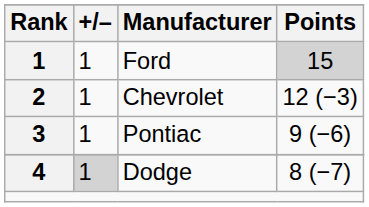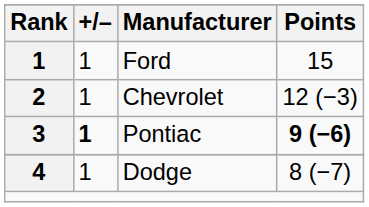 <table class="wikitable">
 <tr>
 </tr>
 <tr>
 <th scope="col">Rank</th>
 <th scope="col">+/–</th>
 <th scope="col">Manufacturer</th>
 <th scope="col">Points</th>
 </tr>
 <tr>
 <th scope="row">1</th>
 <td align="left"> 1</td>
 <td>Ford</td>
-<td style="background: lightgrey; text-align:center;">15</td>
+<td style="text-align:center;">15</td>
 </tr>
 <tr>
 <th scope="row">2</th>
 <td align="left"> 1</td>
 <td>Chevrolet</td>
 <td style="text-align:center;">12 (−3)</td>
 </tr>
 <tr>
 <th scope="row">3</th>
-<td align="left"> 1</td>
+<td align="left"><strong> 1</strong></td>
 <td>Pontiac</td>
-<td style="text-align:center;">9 (−6)</td>
+<td style="text-align:center;"><strong>9 (−6)</strong></td>
 </tr>
 <tr class="sortbottom">
 </tr>
 <tr>
 <th scope="row">4</th>
-<td align="left" style="background: lightgrey;"> 1</td>
+<td align="left"> 1</td>
 <td>Dodge</td>
 <td style="text-align:center;">8 (−7)</td>
 </tr>
 <tr class="sortbottom">
 <td colspan="9"></td>
 </tr>
 </table>
